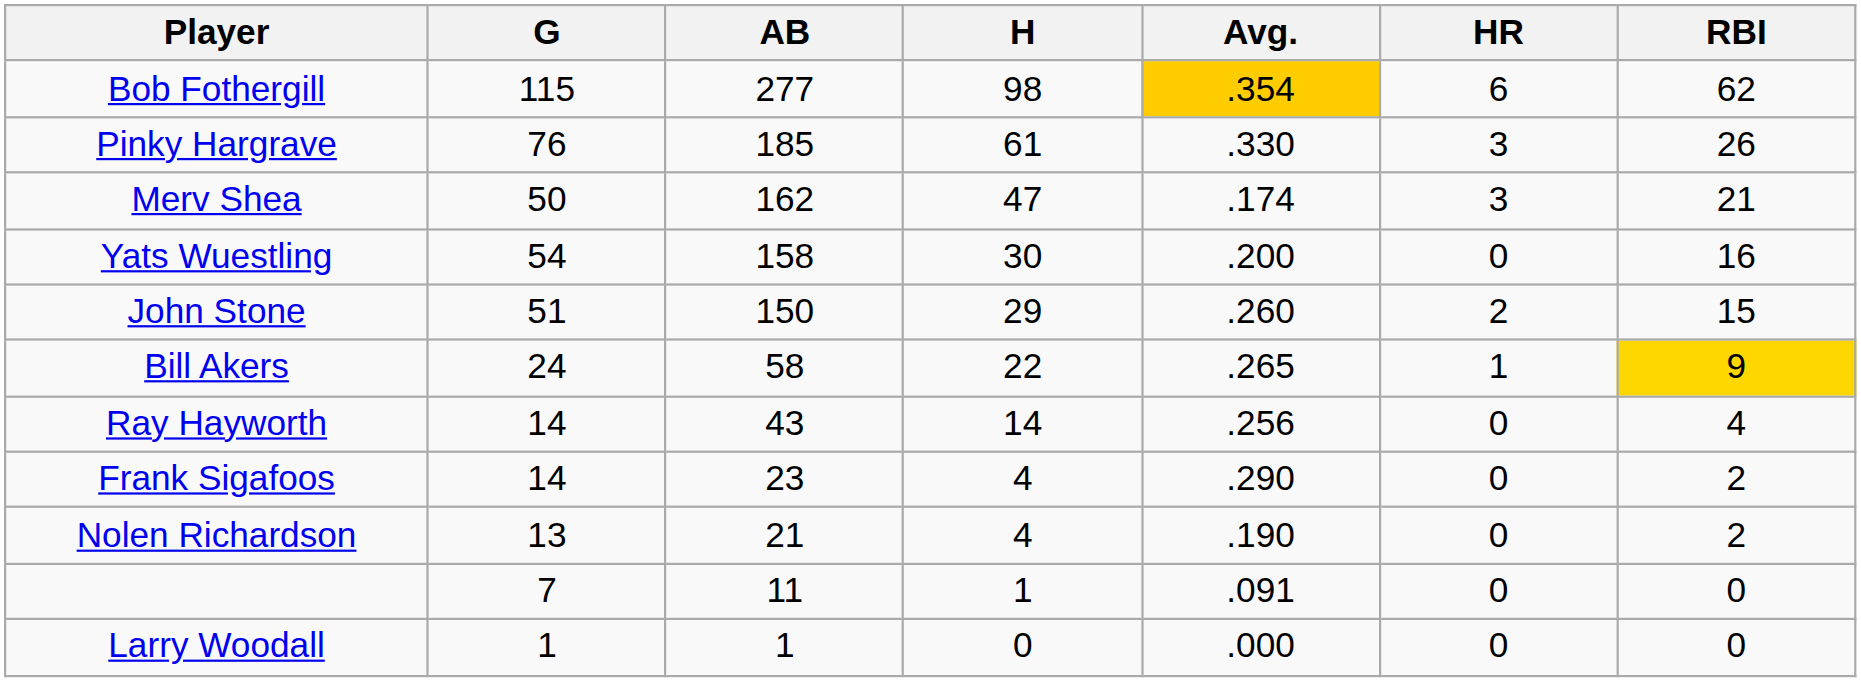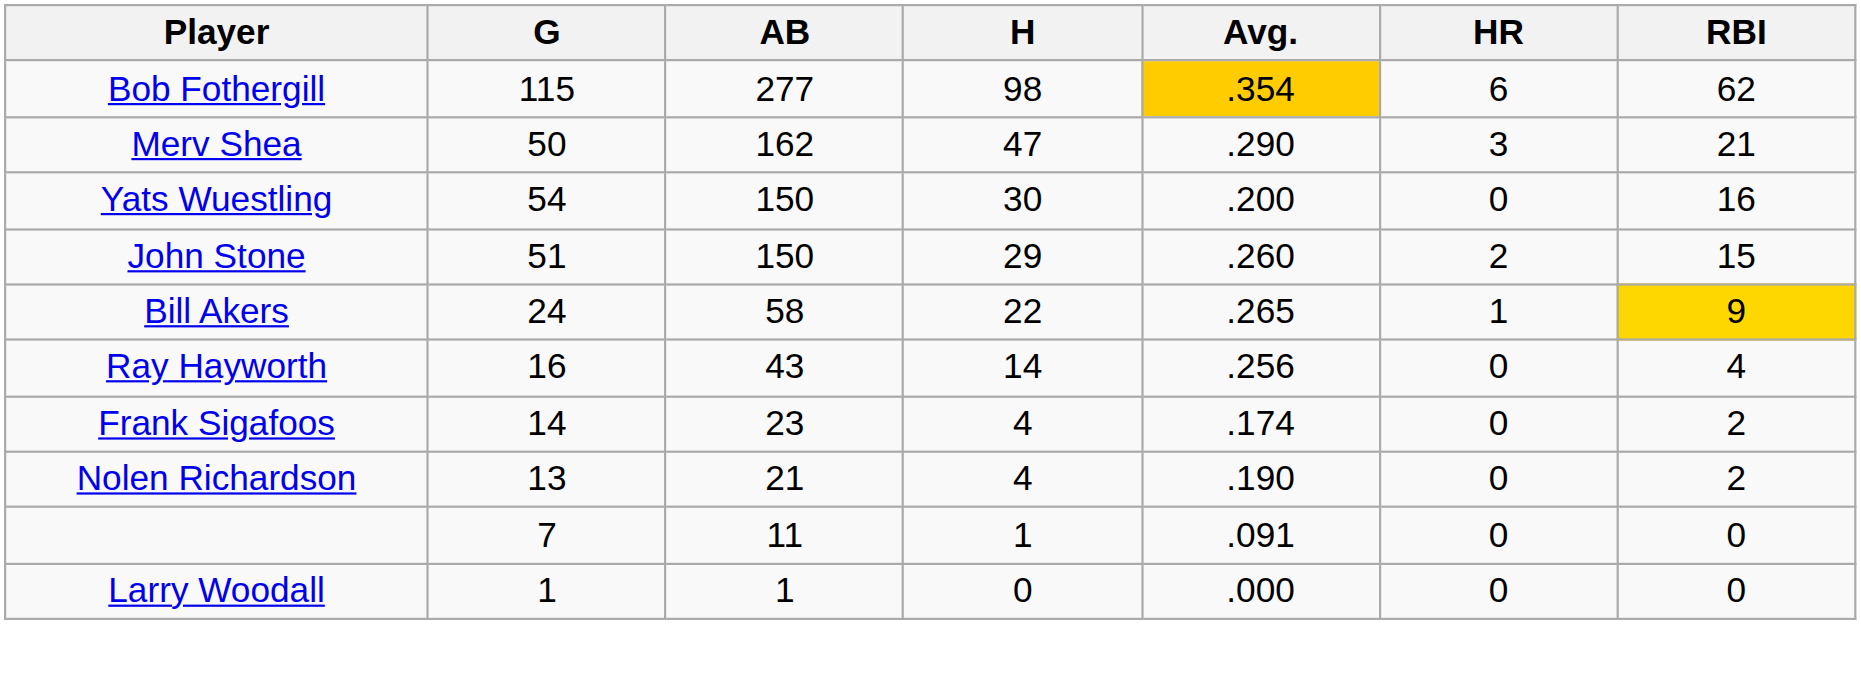 <table class="wikitable sortable">
 <tr>
 <th bgcolor="#DDDDFF" width="16%">Player</th>
 <th bgcolor="#DDDDFF" width="9%">G</th>
 <th bgcolor="#DDDDFF" width="9%">AB</th>
 <th bgcolor="#DDDDFF" width="9%">H</th>
 <th bgcolor="#DDDDFF" width="9%">Avg.</th>
 <th bgcolor="#DDDDFF" width="9%">HR</th>
 <th bgcolor="#DDDDFF" width="9%">RBI</th>
 </tr>
 <tr align="center">
 <td><a href='#'>Bob Fothergill</a></td>
 <td>115</td>
 <td>277</td>
 <td>98</td>
 <td style="background:#fc0;">.354</td>
 <td>6</td>
 <td>62</td>
 </tr>
 <tr align=center>
-<td><a href='#'>Pinky Hargrave</a></td>
-<td>76</td>
-<td>185</td>
-<td>61</td>
-<td>.330</td>
-<td>3</td>
-<td>26</td>
-</tr>
-<tr align=center>
 <td><a href='#'>Merv Shea</a></td>
 <td>50</td>
 <td>162</td>
 <td>47</td>
-<td>.174</td>
+<td>.290</td>
 <td>3</td>
 <td>21</td>
 </tr>
 <tr align=center>
 <td><a href='#'>Yats Wuestling</a></td>
 <td>54</td>
-<td>158</td>
+<td>150</td>
 <td>30</td>
 <td>.200</td>
 <td>0</td>
 <td>16</td>
 </tr>
 <tr align=center>
 <td><a href='#'>John Stone</a></td>
 <td>51</td>
 <td>150</td>
 <td>29</td>
 <td>.260</td>
 <td>2</td>
 <td>15</td>
 </tr>
 <tr align=center>
 <td><a href='#'>Bill Akers</a></td>
 <td>24</td>
 <td>58</td>
 <td>22</td>
 <td>.265</td>
 <td>1</td>
 <td style="background: gold;">9</td>
 </tr>
 <tr align=center>
 <td><a href='#'>Ray Hayworth</a></td>
-<td>14</td>
+<td>16</td>
 <td>43</td>
 <td>14</td>
 <td>.256</td>
 <td>0</td>
 <td>4</td>
 </tr>
 <tr align=center>
 <td><a href='#'>Frank Sigafoos</a></td>
 <td>14</td>
 <td>23</td>
 <td>4</td>
-<td>.290</td>
+<td>.174</td>
 <td>0</td>
 <td>2</td>
 </tr>
 <tr align=center>
 <td><a href='#'>Nolen Richardson</a></td>
 <td>13</td>
 <td>21</td>
 <td>4</td>
 <td>.190</td>
 <td>0</td>
 <td>2</td>
 </tr>
 <tr align=center>
 <td></td>
 <td>7</td>
 <td>11</td>
 <td>1</td>
 <td>.091</td>
 <td>0</td>
 <td>0</td>
 </tr>
 <tr align="center">
 <td><a href='#'>Larry Woodall</a></td>
 <td>1</td>
 <td>1</td>
 <td>0</td>
 <td>.000</td>
 <td>0</td>
 <td>0</td>
 </tr>
 </table>
